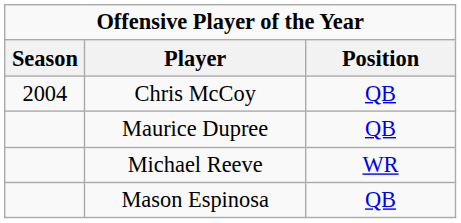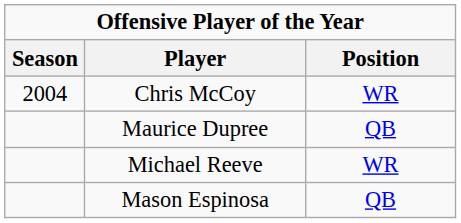 <table class="wikitable sortable" style="text-align:center">
 <tr>
 <td colspan="4"><strong>Offensive Player of the Year</strong></td>
 </tr>
 <tr>
 <th style="width:50px; ">Season</th>
 <th style="width:150px; ">Player</th>
 <th style="width:100px; ">Position</th>
 </tr>
 <tr>
 <td>2004</td>
 <td>Chris McCoy</td>
-<td><a href='#'>QB</a></td>
+<td><a href='#'>WR</a></td>
 </tr>
 <tr>
 <td></td>
 <td>Maurice Dupree</td>
 <td><a href='#'>QB</a></td>
 </tr>
 <tr>
 <td></td>
 <td>Michael Reeve</td>
 <td><a href='#'>WR</a></td>
 </tr>
 <tr>
 <td></td>
 <td>Mason Espinosa </td>
 <td><a href='#'>QB</a></td>
 </tr>
 </table>
